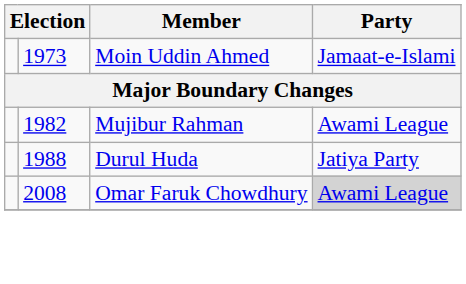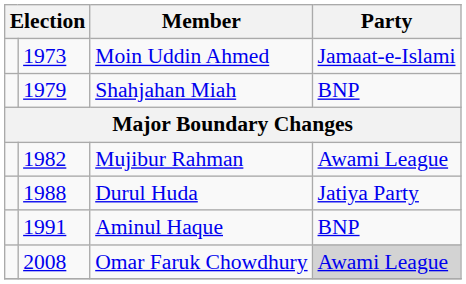 <table class="wikitable">
 <tr>
 <th colspan="2">Election</th>
 <th>Member</th>
 <th>Party</th>
 </tr>
 <tr>
 <td style="background-color:"></td>
 <td><a href='#'>1973</a></td>
 <td><a href='#'>Moin Uddin Ahmed</a></td>
 <td><a href='#'>Jamaat-e-Islami</a></td>
+</tr>
+<tr>
+<td style="background-color:"></td>
+<td><a href='#'>1979</a></td>
+<td><a href='#'>Shahjahan Miah</a></td>
+<td><a href='#'>BNP</a></td>
 </tr>
 <tr>
 <th colspan="4">Major Boundary Changes</th>
 </tr>
 <tr>
 <td style="background-color:"></td>
 <td><a href='#'>1982</a></td>
 <td><a href='#'>Mujibur Rahman</a></td>
 <td><a href='#'>Awami League</a></td>
 </tr>
 <tr>
 <td style="background-color:"></td>
 <td><a href='#'>1988</a></td>
 <td><a href='#'>Durul Huda</a></td>
 <td><a href='#'>Jatiya Party</a></td>
 </tr>
 <tr>
 <td style="background-color:"></td>
+<td><a href='#'>1991</a></td>
+<td><a href='#'>Aminul Haque</a></td>
+<td><a href='#'>BNP</a></td>
+</tr>
+<tr>
+<td style="background-color:"></td>
 <td><a href='#'>2008</a></td>
 <td><a href='#'>Omar Faruk Chowdhury</a></td>
 <td style="background: lightgrey;"><a href='#'>Awami League</a></td>
 </tr>
 <tr>
 </tr>
 </table>
